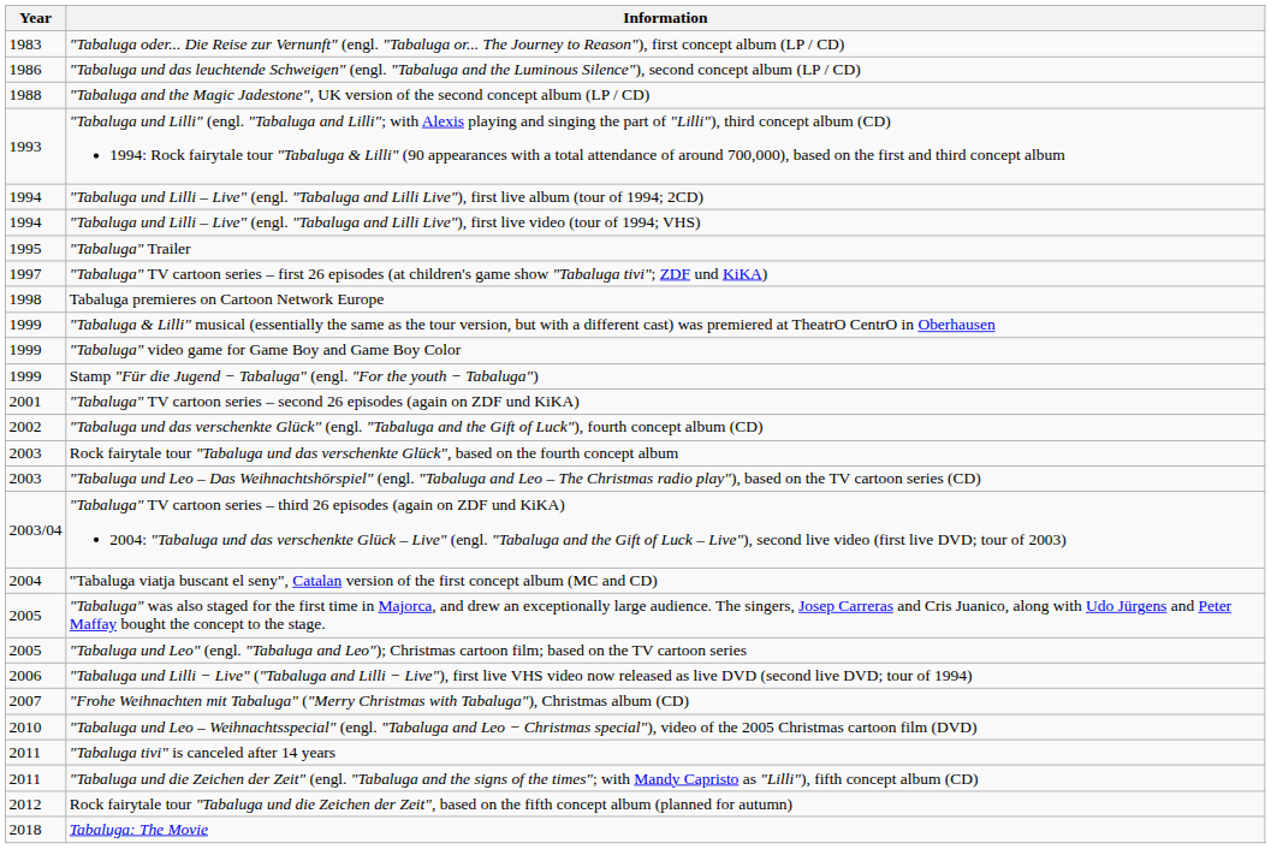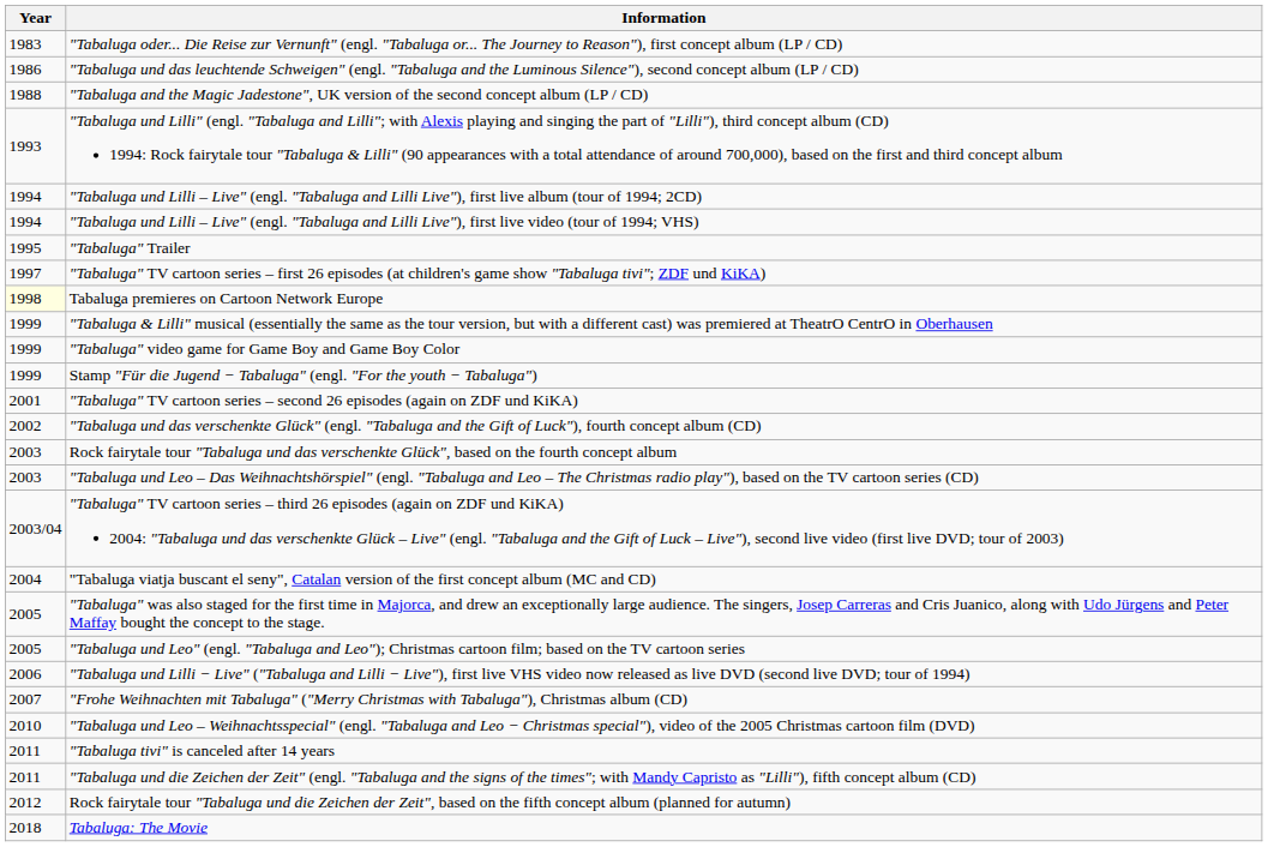 <table class="wikitable">
 <tr>
 <th>Year</th>
 <th>Information</th>
 </tr>
 <tr>
 <td>1983</td>
 <td><em>"Tabaluga oder... Die Reise zur Vernunft"</em> (engl. <em>"Tabaluga or... The Journey to Reason"</em>), first concept album (LP / CD)</td>
 </tr>
 <tr>
 <td>1986</td>
 <td><em>"Tabaluga und das leuchtende Schweigen"</em> (engl. <em>"Tabaluga and the Luminous Silence"</em>), second concept album (LP / CD)</td>
 </tr>
 <tr>
 <td>1988</td>
 <td><em>"Tabaluga and the Magic Jadestone"</em>, UK version of the second concept album (LP / CD)</td>
 </tr>
 <tr>
 <td>1993</td>
 <td><em>"Tabaluga und Lilli"</em> (engl. <em>"Tabaluga and Lilli"</em>; with <a href='#'>Alexis</a> playing and singing the part of <em>"Lilli"</em>), third concept album (CD)<br><ul><li>1994: Rock fairytale tour <em>"Tabaluga & Lilli"</em> (90 appearances with a total attendance of around 700,000), based on the first and third concept album</li></ul></td>
 </tr>
 <tr>
 <td>1994</td>
 <td><em>"Tabaluga und Lilli – Live"</em> (engl. <em>"Tabaluga and Lilli Live"</em>), first live album (tour of 1994; 2CD)</td>
 </tr>
 <tr>
 <td>1994</td>
 <td><em>"Tabaluga und Lilli – Live"</em> (engl. <em>"Tabaluga and Lilli Live"</em>), first live video (tour of 1994; VHS)</td>
 </tr>
 <tr>
 <td>1995</td>
 <td><em>"Tabaluga"</em> Trailer</td>
 </tr>
 <tr>
 <td>1997</td>
 <td><em>"Tabaluga"</em> TV cartoon series – first 26 episodes (at children's game show <em>"Tabaluga tivi"</em>; <a href='#'>ZDF</a> und <a href='#'>KiKA</a>)</td>
 </tr>
 <tr>
-<td>1998</td>
+<td style="background: lightyellow;">1998</td>
 <td>Tabaluga premieres on Cartoon Network Europe</td>
 </tr>
 <tr>
 <td>1999</td>
 <td><em>"Tabaluga & Lilli"</em> musical (essentially the same as the tour version, but with a different cast) was premiered at TheatrO CentrO in <a href='#'>Oberhausen</a></td>
 </tr>
 <tr>
 <td>1999</td>
 <td><em>"Tabaluga"</em> video game for Game Boy and Game Boy Color</td>
 </tr>
 <tr>
 <td>1999</td>
 <td>Stamp <em>"Für die Jugend − Tabaluga"</em> (engl. <em>"For the youth − Tabaluga"</em>)</td>
 </tr>
 <tr>
 <td>2001</td>
 <td><em>"Tabaluga"</em> TV cartoon series – second 26 episodes (again on ZDF und KiKA)</td>
 </tr>
 <tr>
 <td>2002</td>
 <td><em>"Tabaluga und das verschenkte Glück"</em> (engl. <em>"Tabaluga and the Gift of Luck"</em>), fourth concept album (CD)</td>
 </tr>
 <tr>
 <td>2003</td>
 <td>Rock fairytale tour <em>"Tabaluga und das verschenkte Glück"</em>, based on the fourth concept album</td>
 </tr>
 <tr>
 <td>2003</td>
 <td><em>"Tabaluga und Leo – Das Weihnachtshörspiel"</em> (engl. <em>"Tabaluga and Leo – The Christmas radio play"</em>), based on the TV cartoon series (CD)</td>
 </tr>
 <tr>
 <td>2003/04</td>
 <td><em>"Tabaluga"</em> TV cartoon series – third 26 episodes (again on ZDF und KiKA)<br><ul><li>2004: <em>"Tabaluga und das verschenkte Glück – Live"</em> (engl. <em>"Tabaluga and the Gift of Luck – Live"</em>), second live video (first live DVD; tour of 2003)</li></ul></td>
 </tr>
 <tr>
 <td>2004</td>
 <td>"Tabaluga viatja buscant el seny", <a href='#'>Catalan</a> version of the first concept album (MC and CD)</td>
 </tr>
 <tr>
 <td>2005</td>
 <td><em>"Tabaluga"</em> was also staged for the first time in <a href='#'>Majorca</a>, and drew an exceptionally large audience. The singers, <a href='#'>Josep Carreras</a> and Cris Juanico, along with <a href='#'>Udo Jürgens</a> and <a href='#'>Peter Maffay</a> bought the concept to the stage.</td>
 </tr>
 <tr>
 <td>2005</td>
 <td><em>"Tabaluga und Leo"</em> (engl. <em>"Tabaluga and Leo"</em>); Christmas cartoon film; based on the TV cartoon series</td>
 </tr>
 <tr>
 <td>2006</td>
 <td><em>"Tabaluga und Lilli − Live"</em> (<em>"Tabaluga and Lilli − Live"</em>), first live VHS video now released as live DVD (second live DVD; tour of 1994)</td>
 </tr>
 <tr>
 <td>2007</td>
 <td><em>"Frohe Weihnachten mit Tabaluga"</em> (<em>"Merry Christmas with Tabaluga"</em>), Christmas album (CD)</td>
 </tr>
 <tr>
 <td>2010</td>
 <td><em>"Tabaluga und Leo – Weihnachtsspecial"</em> (engl. <em>"Tabaluga and Leo − Christmas special"</em>), video of the 2005 Christmas cartoon film (DVD)</td>
 </tr>
 <tr>
 <td>2011</td>
 <td><em>"Tabaluga tivi"</em> is canceled after 14 years</td>
 </tr>
 <tr>
 <td>2011</td>
 <td><em>"Tabaluga und die Zeichen der Zeit"</em> (engl. <em>"Tabaluga and the signs of the times"</em>; with <a href='#'>Mandy Capristo</a> as <em>"Lilli"</em>), fifth concept album (CD)</td>
 </tr>
 <tr>
 <td>2012</td>
 <td>Rock fairytale tour <em>"Tabaluga und die Zeichen der Zeit"</em>, based on the fifth concept album (planned for autumn)</td>
 </tr>
 <tr>
 <td>2018</td>
 <td><em><a href='#'>Tabaluga: The Movie</a></em></td>
 </tr>
 </table>
